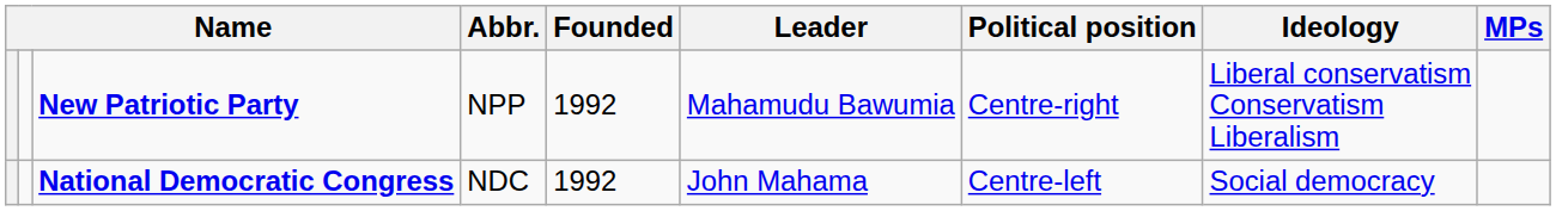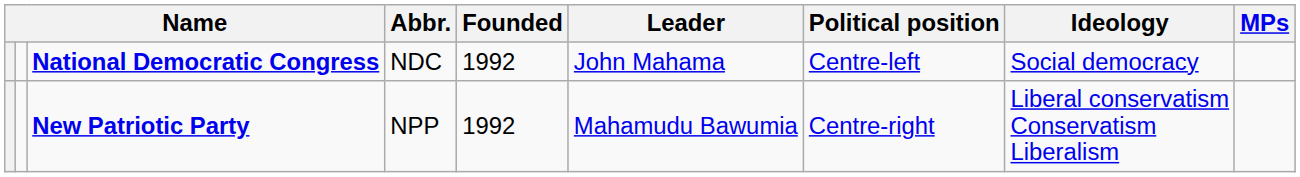 <table class="wikitable">
 <tr>
 <th colspan=3>Name</th>
 <th>Abbr.</th>
 <th>Founded</th>
 <th>Leader</th>
 <th>Political position</th>
 <th>Ideology</th>
 <th><a href='#'>MPs</a></th>
 </tr>
 <tr>
 <th style="background-color:"></th>
 <td></td>
+<td><strong><a href='#'>National Democratic Congress</a></strong></td>
+<td>NDC</td>
+<td>1992</td>
+<td><a href='#'>John Mahama</a></td>
+<td><a href='#'>Centre-left</a></td>
+<td><a href='#'>Social democracy</a></td>
+<td></td>
+</tr>
+<tr>
+<th style="background-color:"></th>
+<td></td>
 <td><strong><a href='#'>New Patriotic Party</a></strong><br></td>
 <td>NPP</td>
 <td>1992</td>
 <td><a href='#'>Mahamudu Bawumia</a></td>
 <td><a href='#'>Centre-right</a></td>
 <td><a href='#'>Liberal conservatism</a><br><a href='#'>Conservatism</a><br><a href='#'>Liberalism</a></td>
 <td></td>
 </tr>
-<tr>
-<th style="background-color:"></th>
-<td></td>
-<td><strong><a href='#'>National Democratic Congress</a></strong></td>
-<td>NDC</td>
-<td>1992</td>
-<td><a href='#'>John Mahama</a></td>
-<td><a href='#'>Centre-left</a></td>
-<td><a href='#'>Social democracy</a></td>
-<td></td>
-</tr>
 </table>
